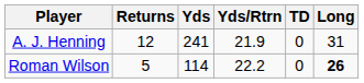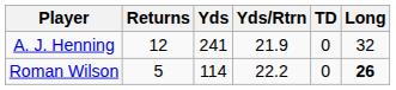 <table class="wikitable sortable sortable" style="text-align: center">
 <tr align=center>
 <th>Player</th>
 <th>Returns</th>
 <th>Yds</th>
 <th>Yds/Rtrn</th>
 <th>TD</th>
 <th>Long</th>
 </tr>
 <tr>
 <td><a href='#'>A. J. Henning</a></td>
 <td>12</td>
 <td>241</td>
 <td>21.9</td>
 <td>0</td>
-<td>31</td>
+<td>32</td>
 </tr>
 <tr>
 <td><a href='#'>Roman Wilson</a></td>
 <td>5</td>
 <td>114</td>
 <td>22.2</td>
 <td>0</td>
 <td><strong>26</strong></td>
 </tr>
 </table>
